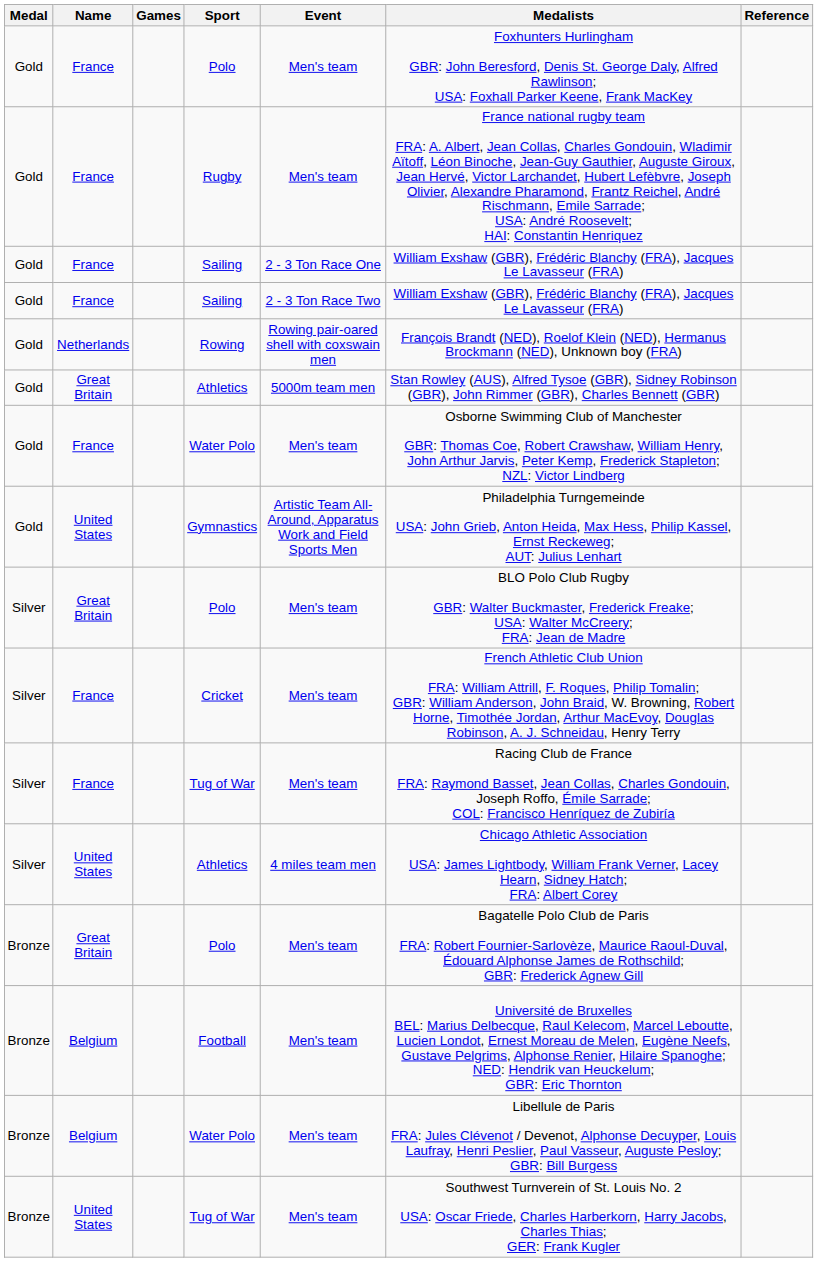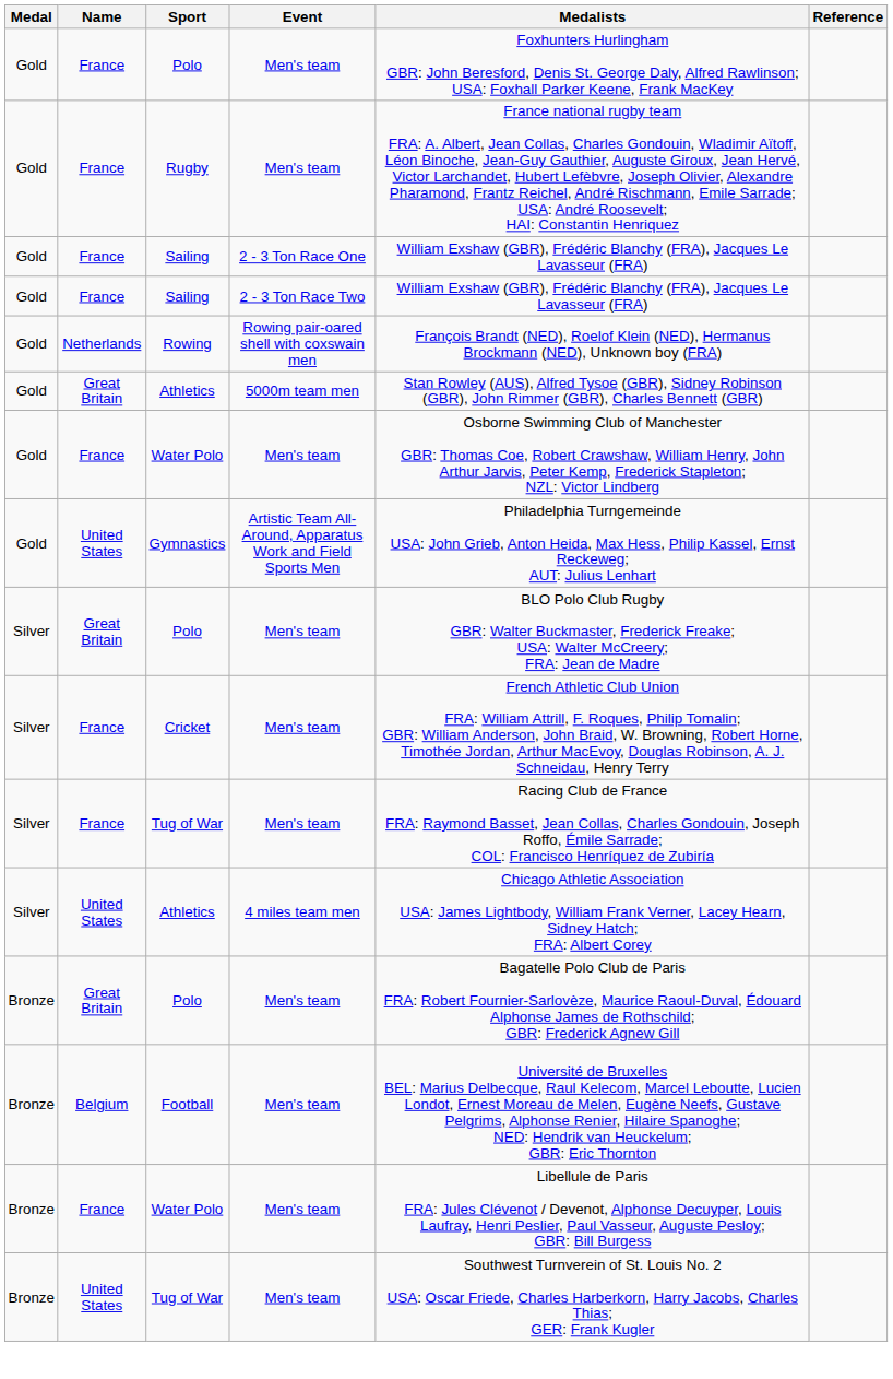 <table class="wikitable" style="text-align:center; font-size:90%;">
 <tr>
 <th>Medal</th>
 <th>Name</th>
-<th>Games</th>
 <th>Sport</th>
 <th>Event</th>
 <th>Medalists</th>
 <th>Reference</th>
 </tr>
 <tr>
 <td> Gold</td>
 <td><a href='#'>France</a></td>
-<td></td>
 <td><a href='#'>Polo</a></td>
 <td><a href='#'>Men's team</a></td>
 <td><a href='#'>Foxhunters Hurlingham</a><br><br><a href='#'>GBR</a>: <a href='#'>John Beresford</a>, <a href='#'>Denis St. George Daly</a>, <a href='#'>Alfred Rawlinson</a>;<br> <a href='#'>USA</a>: <a href='#'>Foxhall Parker Keene</a>, <a href='#'>Frank MacKey</a></td>
 <td></td>
 </tr>
 <tr>
 <td> Gold</td>
 <td><a href='#'>France</a></td>
-<td></td>
 <td><a href='#'>Rugby</a></td>
 <td><a href='#'>Men's team</a></td>
 <td><a href='#'>France national rugby team</a><br><br><a href='#'>FRA</a>: <a href='#'>A. Albert</a>, <a href='#'>Jean Collas</a>, <a href='#'>Charles Gondouin</a>, <a href='#'>Wladimir Aïtoff</a>, <a href='#'>Léon Binoche</a>, <a href='#'>Jean-Guy Gauthier</a>, <a href='#'>Auguste Giroux</a>, <a href='#'>Jean Hervé</a>, <a href='#'>Victor Larchandet</a>, <a href='#'>Hubert Lefèbvre</a>, <a href='#'>Joseph Olivier</a>, <a href='#'>Alexandre Pharamond</a>, <a href='#'>Frantz Reichel</a>, <a href='#'>André Rischmann</a>, <a href='#'>Emile Sarrade</a>;<br> <a href='#'>USA</a>: <a href='#'>André Roosevelt</a>;<br> <a href='#'>HAI</a>: <a href='#'>Constantin Henriquez</a></td>
 <td></td>
 </tr>
 <tr>
 <td> Gold</td>
 <td><a href='#'>France</a></td>
-<td></td>
 <td><a href='#'>Sailing</a></td>
 <td><a href='#'>2 - 3 Ton Race One</a></td>
 <td><a href='#'>William Exshaw</a> (<a href='#'>GBR</a>), <a href='#'>Frédéric Blanchy</a> (<a href='#'>FRA</a>), <a href='#'>Jacques Le Lavasseur</a> (<a href='#'>FRA</a>)</td>
 <td></td>
 </tr>
 <tr>
 <td> Gold</td>
 <td><a href='#'>France</a></td>
-<td></td>
 <td><a href='#'>Sailing</a></td>
 <td><a href='#'>2 - 3 Ton Race Two</a></td>
 <td><a href='#'>William Exshaw</a> (<a href='#'>GBR</a>), <a href='#'>Frédéric Blanchy</a> (<a href='#'>FRA</a>), <a href='#'>Jacques Le Lavasseur</a> (<a href='#'>FRA</a>)</td>
 <td></td>
 </tr>
 <tr>
 <td> Gold</td>
 <td><a href='#'>Netherlands</a></td>
-<td></td>
 <td><a href='#'>Rowing</a></td>
 <td><a href='#'>Rowing pair-oared shell with coxswain men</a></td>
 <td><a href='#'>François Brandt</a> (<a href='#'>NED</a>), <a href='#'>Roelof Klein</a> (<a href='#'>NED</a>), <a href='#'>Hermanus Brockmann</a> (<a href='#'>NED</a>), Unknown boy (<a href='#'>FRA</a>)</td>
 <td></td>
 </tr>
 <tr>
 <td> Gold</td>
 <td><a href='#'>Great Britain</a></td>
-<td></td>
 <td><a href='#'>Athletics</a></td>
 <td><a href='#'>5000m team men</a></td>
 <td><a href='#'>Stan Rowley</a> (<a href='#'>AUS</a>), <a href='#'>Alfred Tysoe</a> (<a href='#'>GBR</a>), <a href='#'>Sidney Robinson</a> (<a href='#'>GBR</a>), <a href='#'>John Rimmer</a> (<a href='#'>GBR</a>), <a href='#'>Charles Bennett</a> (<a href='#'>GBR</a>)</td>
 <td></td>
 </tr>
 <tr>
 <td> Gold</td>
 <td><a href='#'>France</a></td>
-<td></td>
 <td><a href='#'>Water Polo</a></td>
 <td><a href='#'>Men's team</a></td>
 <td>Osborne Swimming Club of Manchester<br><br><a href='#'>GBR</a>: <a href='#'>Thomas Coe</a>, <a href='#'>Robert Crawshaw</a>, <a href='#'>William Henry</a>, <a href='#'>John Arthur Jarvis</a>, <a href='#'>Peter Kemp</a>, <a href='#'>Frederick Stapleton</a>;<br> <a href='#'>NZL</a>: <a href='#'>Victor Lindberg</a></td>
 <td></td>
 </tr>
 <tr>
 <td> Gold</td>
 <td><a href='#'>United States</a></td>
-<td></td>
 <td><a href='#'>Gymnastics</a></td>
 <td><a href='#'>Artistic Team All-Around, Apparatus Work and Field Sports Men</a></td>
 <td>Philadelphia Turngemeinde<br><br><a href='#'>USA</a>: <a href='#'>John Grieb</a>, <a href='#'>Anton Heida</a>, <a href='#'>Max Hess</a>, <a href='#'>Philip Kassel</a>, <a href='#'>Ernst Reckeweg</a>;<br> <a href='#'>AUT</a>: <a href='#'>Julius Lenhart</a></td>
 <td></td>
 </tr>
 <tr>
 <td> Silver</td>
 <td><a href='#'>Great Britain</a></td>
-<td></td>
 <td><a href='#'>Polo</a></td>
 <td><a href='#'>Men's team</a></td>
 <td>BLO Polo Club Rugby<br><br><a href='#'>GBR</a>: <a href='#'>Walter Buckmaster</a>, <a href='#'>Frederick Freake</a>;<br> <a href='#'>USA</a>: <a href='#'>Walter McCreery</a>;<br> <a href='#'>FRA</a>: <a href='#'>Jean de Madre</a></td>
 <td></td>
 </tr>
 <tr>
 <td> Silver</td>
 <td><a href='#'>France</a></td>
-<td></td>
 <td><a href='#'>Cricket</a></td>
 <td><a href='#'>Men's team</a></td>
 <td><a href='#'>French Athletic Club Union</a><br><br><a href='#'>FRA</a>: <a href='#'>William Attrill</a>, <a href='#'>F. Roques</a>, <a href='#'>Philip Tomalin</a>;<br> <a href='#'>GBR</a>: <a href='#'>William Anderson</a>, <a href='#'>John Braid</a>, W. Browning, <a href='#'>Robert Horne</a>, <a href='#'>Timothée Jordan</a>, <a href='#'>Arthur MacEvoy</a>, <a href='#'>Douglas Robinson</a>, <a href='#'>A. J. Schneidau</a>, Henry Terry</td>
 <td></td>
 </tr>
 <tr>
 <td> Silver</td>
 <td><a href='#'>France</a></td>
-<td></td>
 <td><a href='#'>Tug of War</a></td>
 <td><a href='#'>Men's team</a></td>
 <td>Racing Club de France<br><br><a href='#'>FRA</a>: <a href='#'>Raymond Basset</a>, <a href='#'>Jean Collas</a>, <a href='#'>Charles Gondouin</a>, Joseph Roffo, <a href='#'>Émile Sarrade</a>;<br> <a href='#'>COL</a>: <a href='#'>Francisco Henríquez de Zubiría</a></td>
 <td></td>
 </tr>
 <tr>
 <td> Silver</td>
 <td><a href='#'>United States</a></td>
-<td></td>
 <td><a href='#'>Athletics</a></td>
 <td><a href='#'>4 miles team men</a></td>
 <td><a href='#'>Chicago Athletic Association</a><br><br><a href='#'>USA</a>: <a href='#'>James Lightbody</a>, <a href='#'>William Frank Verner</a>, <a href='#'>Lacey Hearn</a>, <a href='#'>Sidney Hatch</a>;<br> <a href='#'>FRA</a>: <a href='#'>Albert Corey</a></td>
 <td></td>
 </tr>
 <tr>
 <td> Bronze</td>
 <td><a href='#'>Great Britain</a></td>
-<td></td>
 <td><a href='#'>Polo</a></td>
 <td><a href='#'>Men's team</a></td>
 <td>Bagatelle Polo Club de Paris<br><br><a href='#'>FRA</a>: <a href='#'>Robert Fournier-Sarlovèze</a>, <a href='#'>Maurice Raoul-Duval</a>, <a href='#'>Édouard Alphonse James de Rothschild</a>;<br> <a href='#'>GBR</a>: <a href='#'>Frederick Agnew Gill</a></td>
 <td></td>
 </tr>
 <tr>
 <td> Bronze</td>
 <td><a href='#'>Belgium</a></td>
-<td></td>
 <td><a href='#'>Football</a></td>
 <td><a href='#'>Men's team</a></td>
 <td><br><a href='#'>Université de Bruxelles</a><br> <a href='#'>BEL</a>: <a href='#'>Marius Delbecque</a>, <a href='#'>Raul Kelecom</a>, <a href='#'>Marcel Leboutte</a>, <a href='#'>Lucien Londot</a>, <a href='#'>Ernest Moreau de Melen</a>, <a href='#'>Eugène Neefs</a>, <a href='#'>Gustave Pelgrims</a>, <a href='#'>Alphonse Renier</a>, <a href='#'>Hilaire Spanoghe</a>;<br> <a href='#'>NED</a>: <a href='#'>Hendrik van Heuckelum</a>;<br> <a href='#'>GBR</a>: <a href='#'>Eric Thornton</a></td>
 <td></td>
 </tr>
 <tr>
 <td> Bronze</td>
-<td><a href='#'>Belgium</a></td>
-<td></td>
+<td><a href='#'>France</a></td>
 <td><a href='#'>Water Polo</a></td>
 <td><a href='#'>Men's team</a></td>
 <td>Libellule de Paris<br><br><a href='#'>FRA</a>: <a href='#'>Jules Clévenot</a> / Devenot, <a href='#'>Alphonse Decuyper</a>, <a href='#'>Louis Laufray</a>, <a href='#'>Henri Peslier</a>, <a href='#'>Paul Vasseur</a>, <a href='#'>Auguste Pesloy</a>;<br> <a href='#'>GBR</a>: <a href='#'>Bill Burgess</a></td>
 <td></td>
 </tr>
 <tr>
 <td> Bronze</td>
 <td><a href='#'>United States</a></td>
-<td></td>
 <td><a href='#'>Tug of War</a></td>
 <td><a href='#'>Men's team</a></td>
 <td>Southwest Turnverein of St. Louis No. 2<br><br><a href='#'>USA</a>: <a href='#'>Oscar Friede</a>, <a href='#'>Charles Harberkorn</a>, <a href='#'>Harry Jacobs</a>, <a href='#'>Charles Thias</a>;<br> <a href='#'>GER</a>: <a href='#'>Frank Kugler</a></td>
 <td></td>
 </tr>
 </table>
